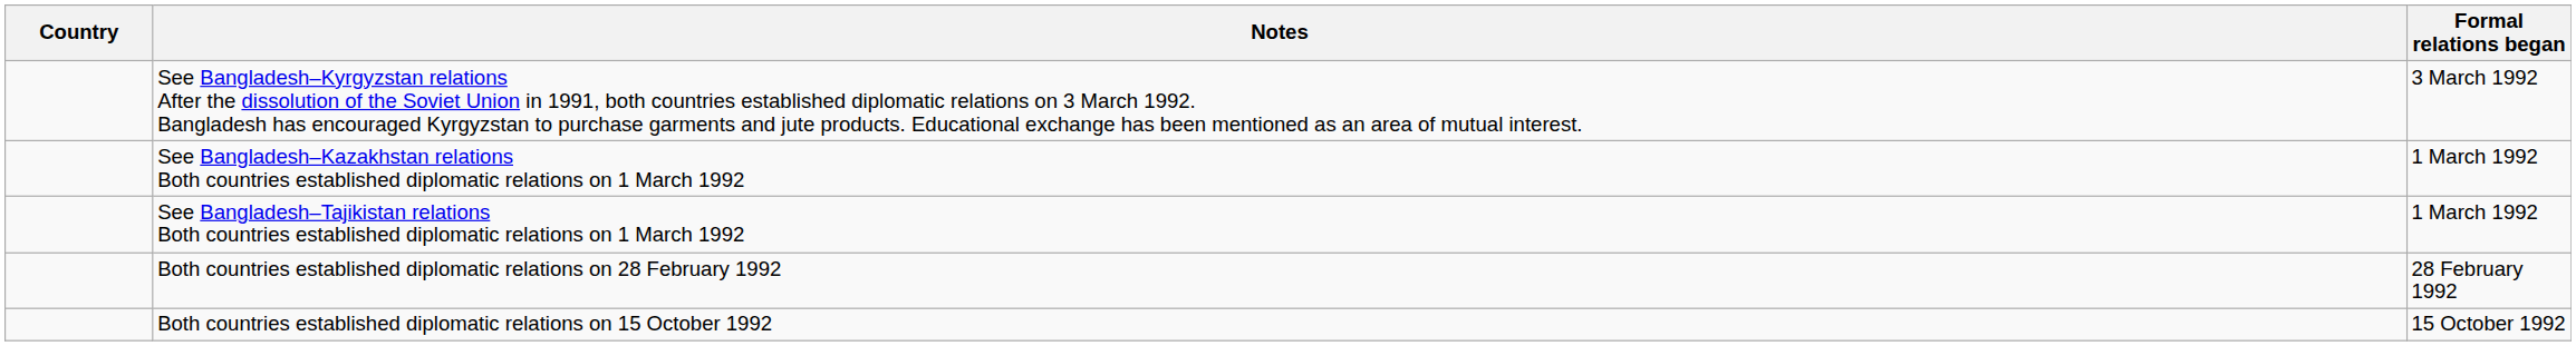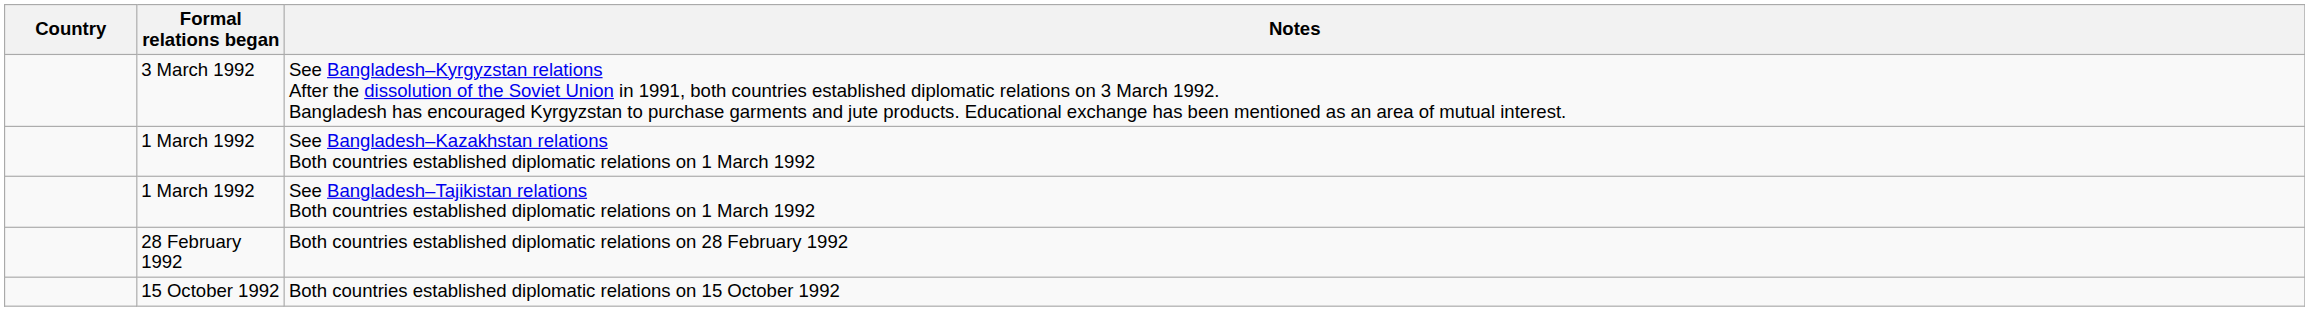 <table class="wikitable sortable" style="width:100%; margin:auto;">
 <tr>
 <th style="width:80pt;">Country</th>
+<th style="width:90pt;">Formal relations began</th>
 <th class=unsortable>Notes</th>
-<th style="width:90pt;">Formal relations began</th>
 </tr>
 <tr valign="top">
 <td></td>
+<td>3 March 1992</td>
 <td>See <a href='#'>Bangladesh–Kyrgyzstan relations</a><br>After the <a href='#'>dissolution of the Soviet Union</a> in 1991, both countries established diplomatic relations on 3 March 1992.<br>Bangladesh has encouraged Kyrgyzstan to purchase garments and jute products. Educational exchange has been mentioned as an area of mutual interest.</td>
-<td>3 March 1992</td>
 </tr>
 <tr valign="top">
 <td></td>
+<td>1 March 1992</td>
 <td>See <a href='#'>Bangladesh–Kazakhstan relations</a><br>Both countries established diplomatic relations on 1 March 1992</td>
-<td>1 March 1992</td>
 </tr>
 <tr valign="top">
 <td></td>
+<td>1 March 1992</td>
 <td>See <a href='#'>Bangladesh–Tajikistan relations</a><br>Both countries established diplomatic relations on 1 March 1992</td>
-<td>1 March 1992</td>
 </tr>
 <tr valign="top">
 <td></td>
+<td>28 February 1992</td>
 <td>Both countries established diplomatic relations on 28 February 1992</td>
-<td>28 February 1992</td>
 </tr>
 <tr valign="top">
 <td></td>
+<td>15 October 1992</td>
 <td>Both countries established diplomatic relations on 15 October 1992</td>
-<td>15 October 1992</td>
 </tr>
 </table>
